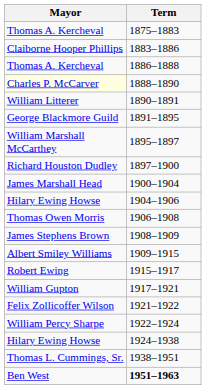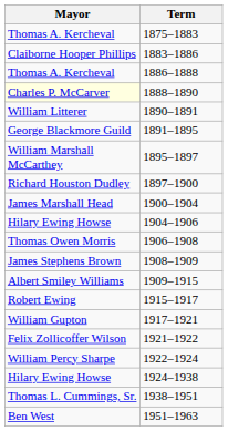 <table class="wikitable">
 <tr>
 <th>Mayor</th>
 <th>Term</th>
 </tr>
 <tr>
 <td width="170"><a href='#'>Thomas A. Kercheval</a></td>
 <td width="100">1875–1883</td>
 </tr>
 <tr>
 <td><a href='#'>Claiborne Hooper Phillips</a></td>
 <td>1883–1886</td>
 </tr>
 <tr>
 <td><a href='#'>Thomas A. Kercheval</a></td>
 <td>1886–1888</td>
 </tr>
 <tr>
 <td style="background: lightyellow;"><a href='#'>Charles P. McCarver</a></td>
 <td>1888–1890</td>
 </tr>
 <tr>
 <td><a href='#'>William Litterer</a></td>
 <td>1890–1891</td>
 </tr>
 <tr>
 <td><a href='#'>George Blackmore Guild</a></td>
 <td>1891–1895</td>
 </tr>
 <tr>
 <td><a href='#'>William Marshall McCarthey</a></td>
 <td>1895–1897</td>
 </tr>
 <tr>
 <td><a href='#'>Richard Houston Dudley</a></td>
 <td>1897–1900</td>
 </tr>
 <tr>
 <td><a href='#'>James Marshall Head</a></td>
 <td>1900–1904</td>
 </tr>
 <tr>
 <td><a href='#'>Hilary Ewing Howse</a></td>
 <td>1904–1906</td>
 </tr>
 <tr>
 <td><a href='#'>Thomas Owen Morris</a></td>
 <td>1906–1908</td>
 </tr>
 <tr>
 <td><a href='#'>James Stephens Brown</a></td>
 <td>1908–1909</td>
 </tr>
 <tr>
 <td><a href='#'>Albert Smiley Williams</a></td>
 <td>1909–1915</td>
 </tr>
 <tr>
 <td><a href='#'>Robert Ewing</a></td>
 <td>1915–1917</td>
 </tr>
 <tr>
 <td><a href='#'>William Gupton</a></td>
 <td>1917–1921</td>
 </tr>
 <tr>
 <td><a href='#'>Felix Zollicoffer Wilson</a></td>
 <td>1921–1922</td>
 </tr>
 <tr>
 <td><a href='#'>William Percy Sharpe</a></td>
 <td>1922–1924</td>
 </tr>
 <tr>
 <td><a href='#'>Hilary Ewing Howse</a></td>
 <td>1924–1938</td>
 </tr>
 <tr>
 <td><a href='#'>Thomas L. Cummings, Sr.</a></td>
 <td>1938–1951</td>
 </tr>
 <tr>
 <td><a href='#'>Ben West</a></td>
-<td><strong>1951–1963</strong></td>
+<td>1951–1963</td>
 </tr>
 </table>
